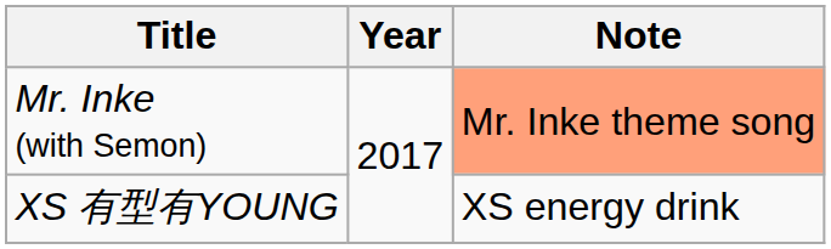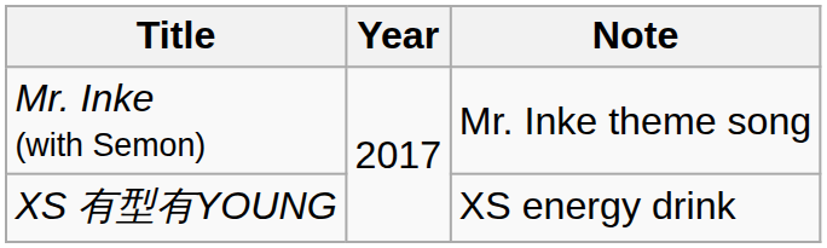 <table class="wikitable">
 <tr>
 <th>Title</th>
 <th>Year</th>
 <th>Note</th>
 </tr>
 <tr>
 <td><em>Mr. Inke</em><br><small>(with Semon)</small></td>
 <td rowspan="2">2017</td>
-<td style="background: lightsalmon;">Mr. Inke theme song</td>
+<td>Mr. Inke theme song</td>
 </tr>
 <tr>
 <td><em>XS 有型有YOUNG</em></td>
 <td>XS energy drink</td>
 </tr>
 </table>
